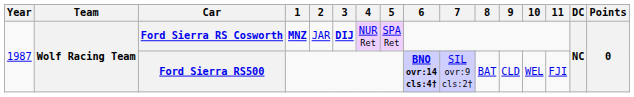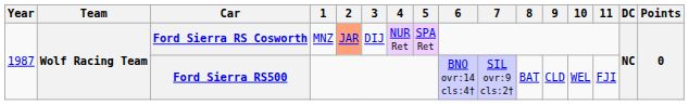 <table class="wikitable" style="text-align:center; font-size:85%">
 <tr>
 <th>Year</th>
 <th>Team</th>
 <th>Car</th>
 <th>1</th>
 <th>2</th>
 <th>3</th>
 <th>4</th>
 <th>5</th>
 <th>6</th>
 <th>7</th>
 <th>8</th>
 <th>9</th>
 <th>10</th>
 <th>11</th>
 <th>DC</th>
 <th>Points</th>
 </tr>
 <tr>
 <td rowspan=2><a href='#'>1987</a></td>
 <th rowspan=2 nowrap>Wolf Racing Team</th>
 <th nowrap><a href='#'>Ford Sierra RS Cosworth</a></th>
-<td><strong><a href='#'>MNZ</a></strong></td>
-<td><a href='#'>JAR</a></td>
-<td><strong><a href='#'>DIJ</a></strong></td>
+<td><a href='#'>MNZ</a></td>
+<td style="background: lightsalmon;"><a href='#'>JAR</a></td>
+<td><a href='#'>DIJ</a></td>
 <td style="background:#EFCFFF;"><a href='#'>NUR</a><br><small>Ret</small></td>
 <td style="background:#EFCFFF;"><a href='#'>SPA</a><br><small>Ret</small></td>
 <td colspan=6></td>
 <th rowspan=2>NC</th>
 <th rowspan=2>0</th>
 </tr>
 <tr>
 <th nowrap><a href='#'>Ford Sierra RS500</a></th>
 <td colspan=5></td>
-<td style="background:#CFCFFF;"><strong><a href='#'>BNO</a><br><small>ovr:14<br>cls:4†</small></strong></td>
+<td style="background:#CFCFFF;"><a href='#'>BNO</a><br><small>ovr:14<br>cls:4†</small></td>
 <td style="background:#CFCFFF;"><a href='#'>SIL</a><br><small>ovr:9<br>cls:2†</small></td>
 <td><a href='#'>BAT</a></td>
 <td><a href='#'>CLD</a></td>
 <td><a href='#'>WEL</a></td>
 <td><a href='#'>FJI</a></td>
 </tr>
 </table>
